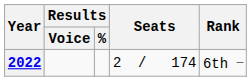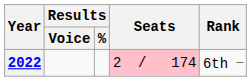 <table class="wikitable">
 <tr>
 <th rowspan="2">Year</th>
 <th colspan="2">Results</th>
 <th rowspan="2">Seats</th>
 <th rowspan="2">Rank</th>
 </tr>
 <tr>
 <th>Voice</th>
 <th>%</th>
 </tr>
 <tr>
 <th><a href='#'>2022</a></th>
 <td></td>
 <td></td>
-<td>2  /   174</td>
+<td style="background: pink;">2  /   174</td>
 <td><abbr>6th <sup>_</sup></abbr></td>
 </tr>
 </table>
